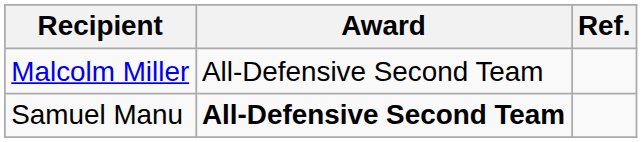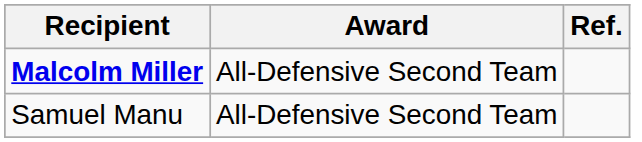 <table class="wikitable">
 <tr>
 <th>Recipient</th>
 <th>Award</th>
 <th>Ref.</th>
 </tr>
 <tr>
-<td><a href='#'>Malcolm Miller</a></td>
+<td><strong><a href='#'>Malcolm Miller</a></strong></td>
 <td>All-Defensive Second Team</td>
 <td></td>
 </tr>
 <tr>
 <td>Samuel Manu</td>
-<td><strong>All-Defensive Second Team</strong></td>
+<td>All-Defensive Second Team</td>
 <td></td>
 </tr>
 </table>
